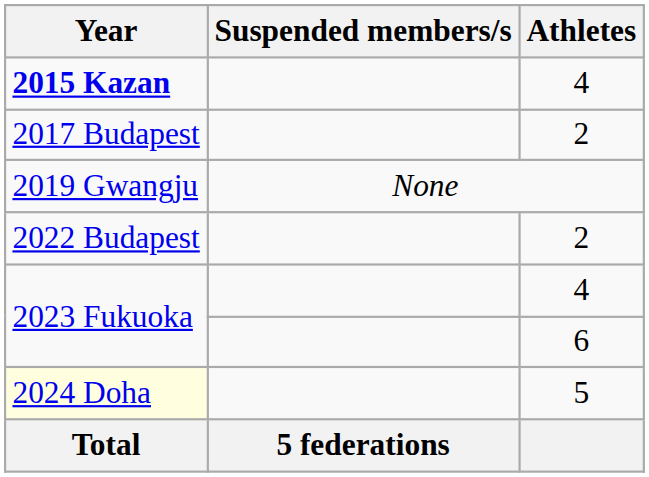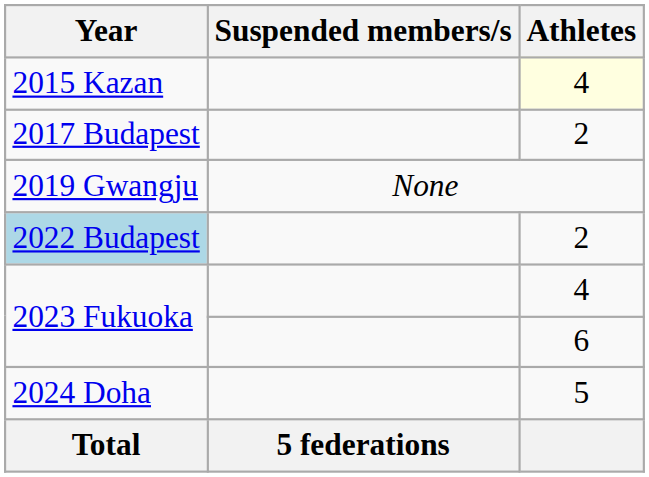 <table class=wikitable style="font-size:90%">
 <tr>
 <th>Year</th>
 <th>Suspended members/s</th>
 <th>Athletes</th>
 </tr>
 <tr>
-<td><strong> <a href='#'>2015 Kazan</a></strong></td>
+<td> <a href='#'>2015 Kazan</a></td>
 <td align=center></td>
-<td align=center>4</td>
+<td align=center style="background: lightyellow;">4</td>
 </tr>
 <tr>
 <td> <a href='#'>2017 Budapest</a></td>
 <td align=center></td>
 <td align=center>2</td>
 </tr>
 <tr>
 <td> <a href='#'>2019 Gwangju</a></td>
 <td align=center colspan=2><em>None</em></td>
 </tr>
 <tr>
-<td> <a href='#'>2022 Budapest</a></td>
+<td style="background: lightblue;"> <a href='#'>2022 Budapest</a></td>
 <td align=center></td>
 <td align=center>2</td>
 </tr>
 <tr>
 <td rowspan=2> <a href='#'>2023 Fukuoka</a></td>
 <td align=center></td>
 <td align=center>4</td>
 </tr>
 <tr>
 <td align=center></td>
 <td align=center>6</td>
 </tr>
 <tr>
-<td style="background: lightyellow;"> <a href='#'>2024 Doha</a></td>
+<td> <a href='#'>2024 Doha</a></td>
 <td align=center></td>
 <td align=center>5</td>
 </tr>
 <tr>
 <th>Total</th>
 <th>5 federations</th>
 <th></th>
 </tr>
 </table>
